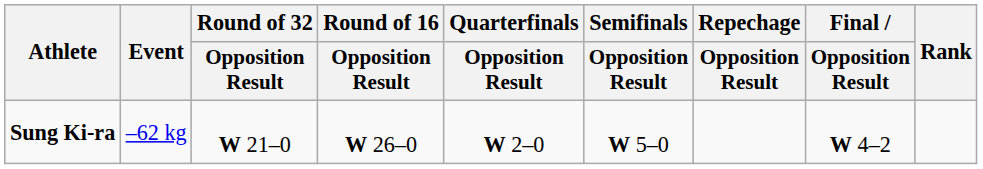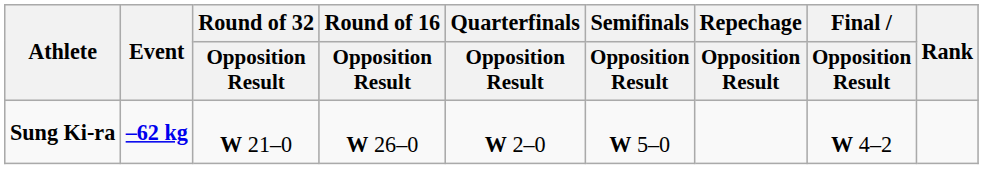 <table class=wikitable style=font-size:90%;text-align:center>
 <tr>
 <th rowspan="2">Athlete</th>
 <th rowspan="2">Event</th>
 <th>Round of 32</th>
 <th>Round of 16</th>
 <th>Quarterfinals</th>
 <th>Semifinals</th>
 <th>Repechage</th>
 <th>Final / </th>
 <th rowspan=2>Rank</th>
 </tr>
 <tr style="font-size:95%">
 <th>Opposition<br>Result</th>
 <th>Opposition<br>Result</th>
 <th>Opposition<br>Result</th>
 <th>Opposition<br>Result</th>
 <th>Opposition<br>Result</th>
 <th>Opposition<br>Result</th>
 </tr>
 <tr>
 <td align=left><strong>Sung Ki-ra</strong></td>
-<td align=left><a href='#'>–62 kg</a></td>
+<td align=left><strong><a href='#'>–62 kg</a></strong></td>
 <td><br><strong>W</strong> 21–0</td>
 <td><br><strong>W</strong> 26–0</td>
 <td><br><strong>W</strong> 2–0</td>
 <td><br><strong>W</strong> 5–0</td>
 <td></td>
 <td><br><strong>W</strong> 4–2</td>
 <td></td>
 </tr>
 </table>
